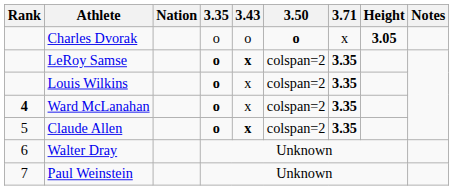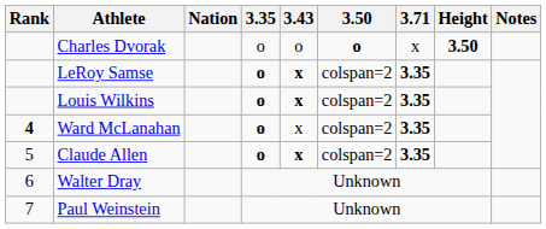 <table class="wikitable sortable" style="text-align:center">
 <tr>
 <th>Rank</th>
 <th>Athlete</th>
 <th>Nation</th>
 <th>3.35</th>
 <th>3.43</th>
 <th>3.50</th>
 <th>3.71</th>
 <th>Height</th>
 <th>Notes</th>
 </tr>
 <tr>
 <td></td>
 <td align=left><a href='#'>Charles Dvorak</a></td>
 <td align=left></td>
 <td>o</td>
 <td>o</td>
 <td><strong>o</strong></td>
 <td>x</td>
-<td><strong>3.05</strong></td>
+<td><strong>3.50</strong></td>
 <td></td>
 </tr>
 <tr>
 <td></td>
 <td align=left><a href='#'>LeRoy Samse</a></td>
 <td align=left></td>
 <td><strong>o</strong></td>
 <td><strong>x</strong></td>
 <td>colspan=2 </td>
 <td><strong>3.35</strong></td>
 <td></td>
 </tr>
 <tr>
 <td></td>
 <td align=left><a href='#'>Louis Wilkins</a></td>
 <td align=left></td>
 <td><strong>o</strong></td>
-<td>x</td>
+<td><strong>x</strong></td>
 <td>colspan=2 </td>
 <td><strong>3.35</strong></td>
 <td></td>
 </tr>
 <tr>
 <td><strong>4</strong></td>
 <td align=left><a href='#'>Ward McLanahan</a></td>
 <td align=left></td>
 <td><strong>o</strong></td>
 <td>x</td>
 <td>colspan=2 </td>
 <td><strong>3.35</strong></td>
 <td></td>
 </tr>
 <tr>
 <td>5</td>
 <td align=left><a href='#'>Claude Allen</a></td>
 <td align=left></td>
 <td><strong>o</strong></td>
 <td><strong>x</strong></td>
 <td>colspan=2 </td>
 <td><strong>3.35</strong></td>
 <td></td>
 </tr>
 <tr>
 <td>6</td>
 <td align=left><a href='#'>Walter Dray</a></td>
 <td align=left></td>
 <td colspan=5>Unknown</td>
 <td></td>
 </tr>
 <tr>
 <td>7</td>
 <td align=left><a href='#'>Paul Weinstein</a></td>
 <td align=left></td>
 <td colspan=5>Unknown</td>
 <td></td>
 </tr>
 </table>
